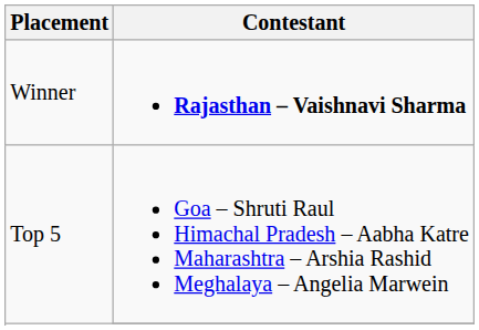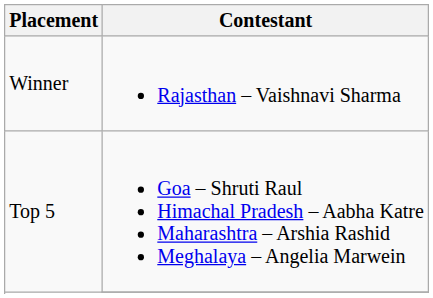 <table class="wikitable">
 <tr>
 <th>Placement</th>
 <th>Contestant</th>
 </tr>
 <tr>
 <td>Winner</td>
-<td><strong><br><ul><li><a href='#'>Rajasthan</a> – Vaishnavi Sharma</li></ul></strong></td>
+<td><br><ul><li><a href='#'>Rajasthan</a> – Vaishnavi Sharma</li></ul></td>
 </tr>
 <tr>
 <td rowspan=5>Top 5</td>
 <td><br><ul><li><a href='#'>Goa</a> – Shruti Raul</li><li><a href='#'>Himachal Pradesh</a> – Aabha Katre</li><li><a href='#'>Maharashtra</a> – Arshia Rashid</li><li><a href='#'>Meghalaya</a> – Angelia Marwein</li></ul></td>
 </tr>
 <tr>
 </tr>
 </table>
